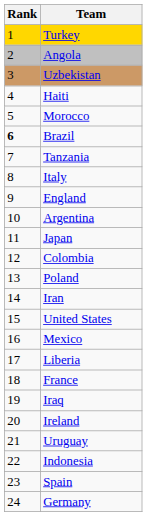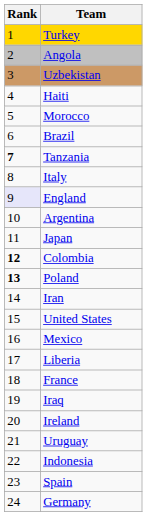 <table class=wikitable>
 <tr>
 <th width=20>Rank</th>
 <th width=120>Team</th>
 </tr>
 <tr bgcolor=gold>
 <td>1</td>
 <td> <a href='#'>Turkey</a></td>
 </tr>
 <tr bgcolor=silver>
 <td>2</td>
 <td> <a href='#'>Angola</a></td>
 </tr>
 <tr bgcolor=#c96>
 <td>3</td>
 <td> <a href='#'>Uzbekistan</a></td>
 </tr>
 <tr>
 <td>4</td>
 <td> <a href='#'>Haiti</a></td>
 </tr>
 <tr>
 <td>5</td>
 <td> <a href='#'>Morocco</a></td>
 </tr>
 <tr>
-<td><strong>6</strong></td>
+<td>6</td>
 <td> <a href='#'>Brazil</a></td>
 </tr>
 <tr>
-<td>7</td>
+<td><strong>7</strong></td>
 <td> <a href='#'>Tanzania</a></td>
 </tr>
 <tr>
 <td>8</td>
 <td> <a href='#'>Italy</a></td>
 </tr>
 <tr>
-<td>9</td>
+<td style="background: lavender;">9</td>
 <td> <a href='#'>England</a></td>
 </tr>
 <tr>
 <td>10</td>
 <td> <a href='#'>Argentina</a></td>
 </tr>
 <tr>
 <td>11</td>
 <td> <a href='#'>Japan</a></td>
 </tr>
 <tr>
-<td>12</td>
+<td><strong>12</strong></td>
 <td> <a href='#'>Colombia</a></td>
 </tr>
 <tr>
-<td>13</td>
+<td><strong>13</strong></td>
 <td> <a href='#'>Poland</a></td>
 </tr>
 <tr>
 <td>14</td>
 <td> <a href='#'>Iran</a></td>
 </tr>
 <tr>
 <td>15</td>
 <td> <a href='#'>United States</a></td>
 </tr>
 <tr>
 <td>16</td>
 <td> <a href='#'>Mexico</a></td>
 </tr>
 <tr>
 <td>17</td>
 <td> <a href='#'>Liberia</a></td>
 </tr>
 <tr>
 <td>18</td>
 <td> <a href='#'>France</a></td>
 </tr>
 <tr>
 <td>19</td>
 <td> <a href='#'>Iraq</a></td>
 </tr>
 <tr>
 <td>20</td>
 <td> <a href='#'>Ireland</a></td>
 </tr>
 <tr>
 <td>21</td>
 <td> <a href='#'>Uruguay</a></td>
 </tr>
 <tr>
 <td>22</td>
 <td> <a href='#'>Indonesia</a></td>
 </tr>
 <tr>
 <td>23</td>
 <td> <a href='#'>Spain</a></td>
 </tr>
 <tr>
 <td>24</td>
 <td> <a href='#'>Germany</a></td>
 </tr>
 </table>
